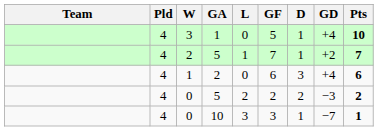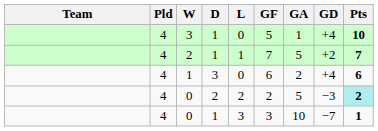 <table class="wikitable" style="text-align: center;">
 <tr>
 <th width="175">Team</th>
 <th width="25">Pld</th>
 <th width="25">W</th>
-<th width="30">GA</th>
+<th width="25">D</th>
 <th width="25">L</th>
 <th width="30">GF</th>
-<th width="25">D</th>
+<th width="30">GA</th>
 <th width="30">GD</th>
 <th width="30">Pts</th>
 </tr>
 <tr bgcolor="#ccffcc">
 <td align=left></td>
 <td>4</td>
 <td>3</td>
 <td>1</td>
 <td>0</td>
 <td>5</td>
 <td>1</td>
 <td>+4</td>
 <td><strong>10</strong></td>
 </tr>
 <tr bgcolor="#ccffcc">
 <td align=left></td>
 <td>4</td>
 <td>2</td>
-<td>5</td>
+<td>1</td>
 <td>1</td>
 <td>7</td>
-<td>1</td>
+<td>5</td>
 <td>+2</td>
 <td><strong>7</strong></td>
 </tr>
 <tr>
 <td align=left></td>
 <td>4</td>
 <td>1</td>
-<td>2</td>
+<td>3</td>
 <td>0</td>
 <td>6</td>
-<td>3</td>
+<td>2</td>
 <td>+4</td>
 <td><strong>6</strong></td>
 </tr>
 <tr>
 <td align=left></td>
 <td>4</td>
 <td>0</td>
-<td>5</td>
 <td>2</td>
 <td>2</td>
 <td>2</td>
+<td>5</td>
 <td>−3</td>
-<td><strong>2</strong></td>
+<td style="background: paleturquoise;"><strong>2</strong></td>
 </tr>
 <tr>
 <td align=left></td>
 <td>4</td>
 <td>0</td>
-<td>10</td>
+<td>1</td>
 <td>3</td>
 <td>3</td>
-<td>1</td>
+<td>10</td>
 <td>−7</td>
 <td><strong>1</strong></td>
 </tr>
 </table>
